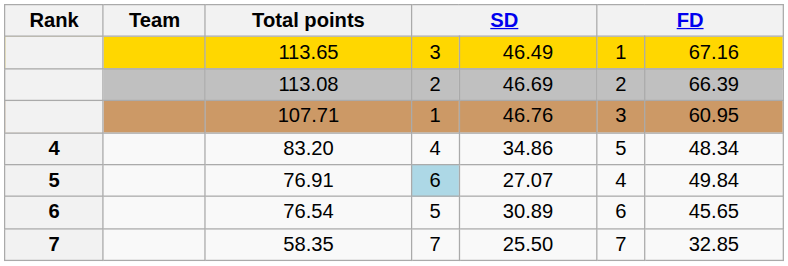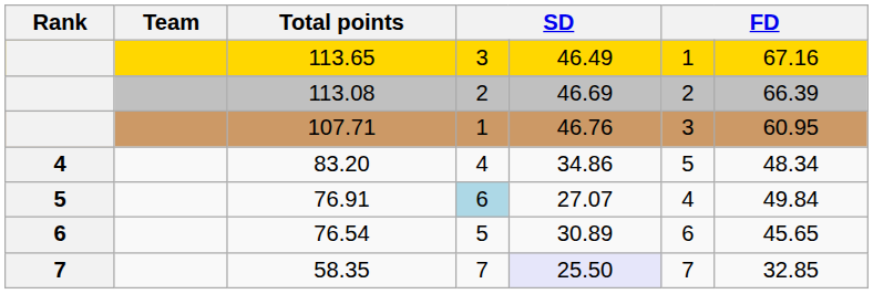 <table class="wikitable sortable" style="text-align:left;" width="70%">
 <tr>
 <th scope="col">Rank</th>
 <th scope="col">Team</th>
 <th scope="col">Total points</th>
 <th colspan="2" width="80px"><a href='#'>SD</a></th>
 <th colspan="2" width="80px"><a href='#'>FD</a></th>
 </tr>
 <tr bgcolor="gold">
 <th scope="row"></th>
 <td></td>
 <td style="text-align: center;">113.65</td>
 <td style="text-align: center;">3</td>
 <td style="text-align: center;">46.49</td>
 <td style="text-align: center;">1</td>
 <td style="text-align: center;">67.16</td>
 </tr>
 <tr bgcolor="silver">
 <th scope="row"></th>
 <td></td>
 <td style="text-align: center;">113.08</td>
 <td style="text-align: center;">2</td>
 <td style="text-align: center;">46.69</td>
 <td style="text-align: center;">2</td>
 <td style="text-align: center;">66.39</td>
 </tr>
 <tr bgcolor="cc9966">
 <th scope="row"></th>
 <td></td>
 <td style="text-align: center;">107.71</td>
 <td style="text-align: center;">1</td>
 <td style="text-align: center;">46.76</td>
 <td style="text-align: center;">3</td>
 <td style="text-align: center;">60.95</td>
 </tr>
 <tr>
 <th scope="row">4</th>
 <td></td>
 <td style="text-align: center;">83.20</td>
 <td style="text-align: center;">4</td>
 <td style="text-align: center;">34.86</td>
 <td style="text-align: center;">5</td>
 <td style="text-align: center;">48.34</td>
 </tr>
 <tr>
 <th scope="row">5</th>
 <td></td>
 <td style="text-align: center;">76.91</td>
 <td style="background: lightblue; text-align: center;">6</td>
 <td style="text-align: center;">27.07</td>
 <td style="text-align: center;">4</td>
 <td style="text-align: center;">49.84</td>
 </tr>
 <tr>
 <th scope="row">6</th>
 <td></td>
 <td style="text-align: center;">76.54</td>
 <td style="text-align: center;">5</td>
 <td style="text-align: center;">30.89</td>
 <td style="text-align: center;">6</td>
 <td style="text-align: center;">45.65</td>
 </tr>
 <tr>
 <th scope="row">7</th>
 <td></td>
 <td style="text-align: center;">58.35</td>
 <td style="text-align: center;">7</td>
-<td style="text-align: center;">25.50</td>
+<td style="background: lavender; text-align: center;">25.50</td>
 <td style="text-align: center;">7</td>
 <td style="text-align: center;">32.85</td>
 </tr>
 </table>
